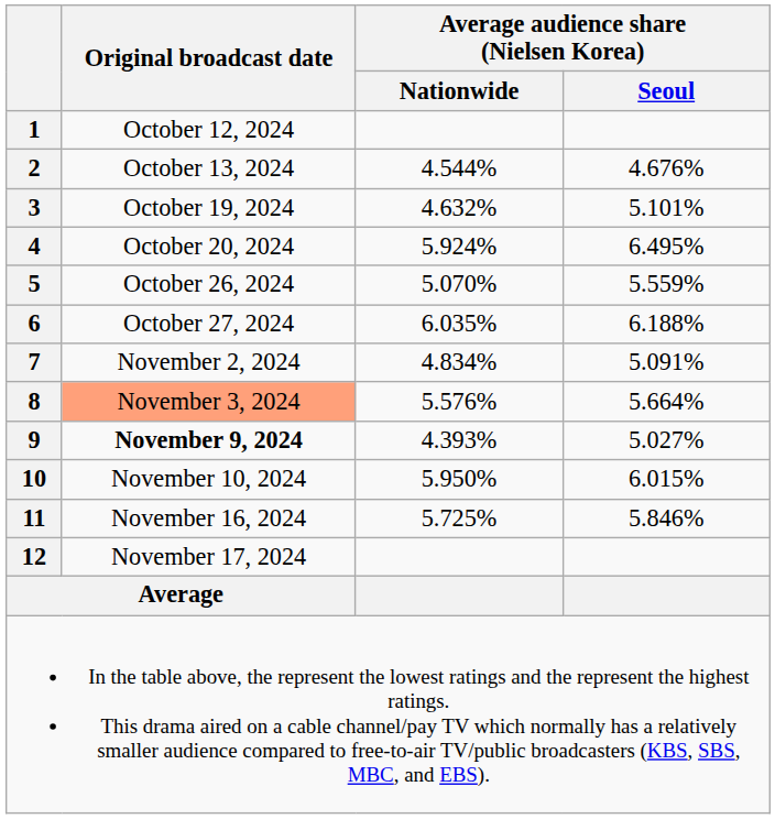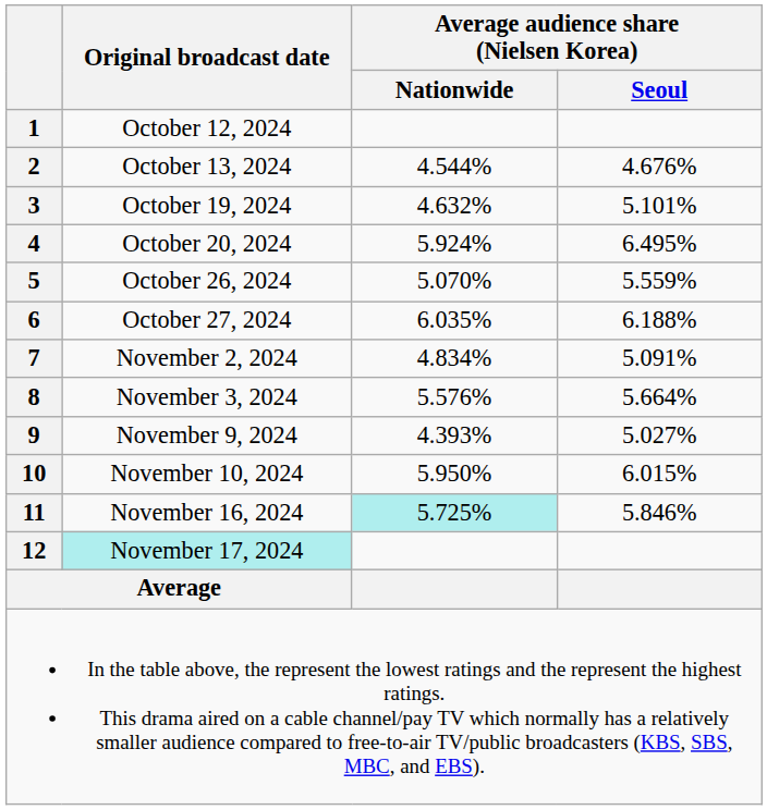 <table class="wikitable" style="margin-left:auto; margin-right:auto; width:500px; text-align:center">
 <tr>
 <th scope="col" rowspan="2"></th>
 <th scope="col" rowspan="2">Original broadcast date</th>
 <th scope="col" colspan="2">Average audience share<br>(Nielsen Korea)</th>
 </tr>
 <tr>
 <th scope="col" style="width:8em">Nationwide</th>
 <th scope="col" style="width:8em"><a href='#'>Seoul</a></th>
 </tr>
 <tr>
 <th scope="col">1</th>
 <td>October 12, 2024</td>
 <td><strong></strong> </td>
 <td><strong></strong> </td>
 </tr>
 <tr>
 <th scope="col">2</th>
 <td>October 13, 2024</td>
 <td>4.544% </td>
 <td>4.676% </td>
 </tr>
 <tr>
 <th scope="col">3</th>
 <td>October 19, 2024</td>
 <td>4.632% </td>
 <td>5.101% </td>
 </tr>
 <tr>
 <th scope="col">4</th>
 <td>October 20, 2024</td>
 <td>5.924% </td>
 <td>6.495% </td>
 </tr>
 <tr>
 <th scope="col">5</th>
 <td>October 26, 2024</td>
 <td>5.070% </td>
 <td>5.559% </td>
 </tr>
 <tr>
 <th scope="col">6</th>
 <td>October 27, 2024</td>
 <td>6.035% </td>
 <td>6.188% </td>
 </tr>
 <tr>
 <th scope="col">7</th>
 <td>November 2, 2024</td>
 <td>4.834% </td>
 <td>5.091% </td>
 </tr>
 <tr>
 <th scope="col">8</th>
-<td style="background: lightsalmon;">November 3, 2024</td>
+<td>November 3, 2024</td>
 <td>5.576% </td>
 <td>5.664% </td>
 </tr>
 <tr>
 <th scope="col">9</th>
-<td><strong>November 9, 2024</strong></td>
+<td>November 9, 2024</td>
 <td>4.393% </td>
 <td>5.027% </td>
 </tr>
 <tr>
 <th scope="col">10</th>
 <td>November 10, 2024</td>
 <td>5.950% </td>
 <td>6.015% </td>
 </tr>
 <tr>
 <th scope="col">11</th>
 <td>November 16, 2024</td>
-<td>5.725% </td>
+<td style="background: paleturquoise;">5.725% </td>
 <td>5.846% </td>
 </tr>
 <tr>
 <th scope="col">12</th>
-<td>November 17, 2024</td>
+<td style="background: paleturquoise;">November 17, 2024</td>
 <td><strong></strong> </td>
 <td><strong></strong> </td>
 </tr>
 <tr>
 <th scope="col" colspan="2">Average</th>
 <th scope="col"></th>
 <th scope="col"></th>
 </tr>
 <tr>
 <td colspan="4" style="font-size:85%"><br><ul><li>In the table above, the <strong></strong> represent the lowest ratings and the <strong></strong> represent the highest ratings.</li><li>This drama aired on a cable channel/pay TV which normally has a relatively smaller audience compared to free-to-air TV/public broadcasters (<a href='#'>KBS</a>, <a href='#'>SBS</a>, <a href='#'>MBC</a>, and <a href='#'>EBS</a>).</li></ul></td>
 </tr>
 </table>
